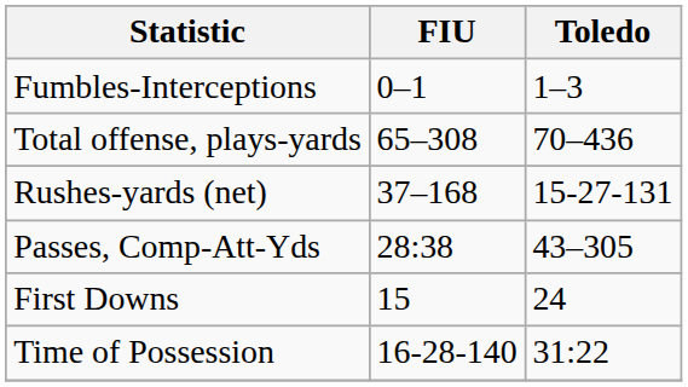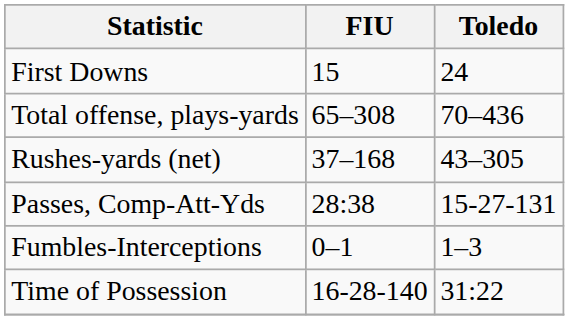 <table class="wikitable">
 <tr>
 <th>Statistic</th>
 <th><strong>FIU</strong></th>
 <th><strong>Toledo</strong></th>
 </tr>
 <tr>
-<td>Fumbles-Interceptions</td>
-<td>0–1</td>
-<td>1–3</td>
+<td>First Downs</td>
+<td>15</td>
+<td>24</td>
 </tr>
 <tr>
 <td>Total offense, plays-yards</td>
 <td>65–308</td>
 <td>70–436</td>
 </tr>
 <tr>
 <td>Rushes-yards (net)</td>
 <td>37–168</td>
-<td>15-27-131</td>
+<td>43–305</td>
 </tr>
 <tr>
 <td>Passes, Comp-Att-Yds</td>
 <td>28:38</td>
-<td>43–305</td>
+<td>15-27-131</td>
 </tr>
 <tr>
-<td>First Downs</td>
-<td>15</td>
-<td>24</td>
+<td>Fumbles-Interceptions</td>
+<td>0–1</td>
+<td>1–3</td>
 </tr>
 <tr>
 <td>Time of Possession</td>
 <td>16-28-140</td>
 <td>31:22</td>
 </tr>
 <tr>
 </tr>
 </table>
